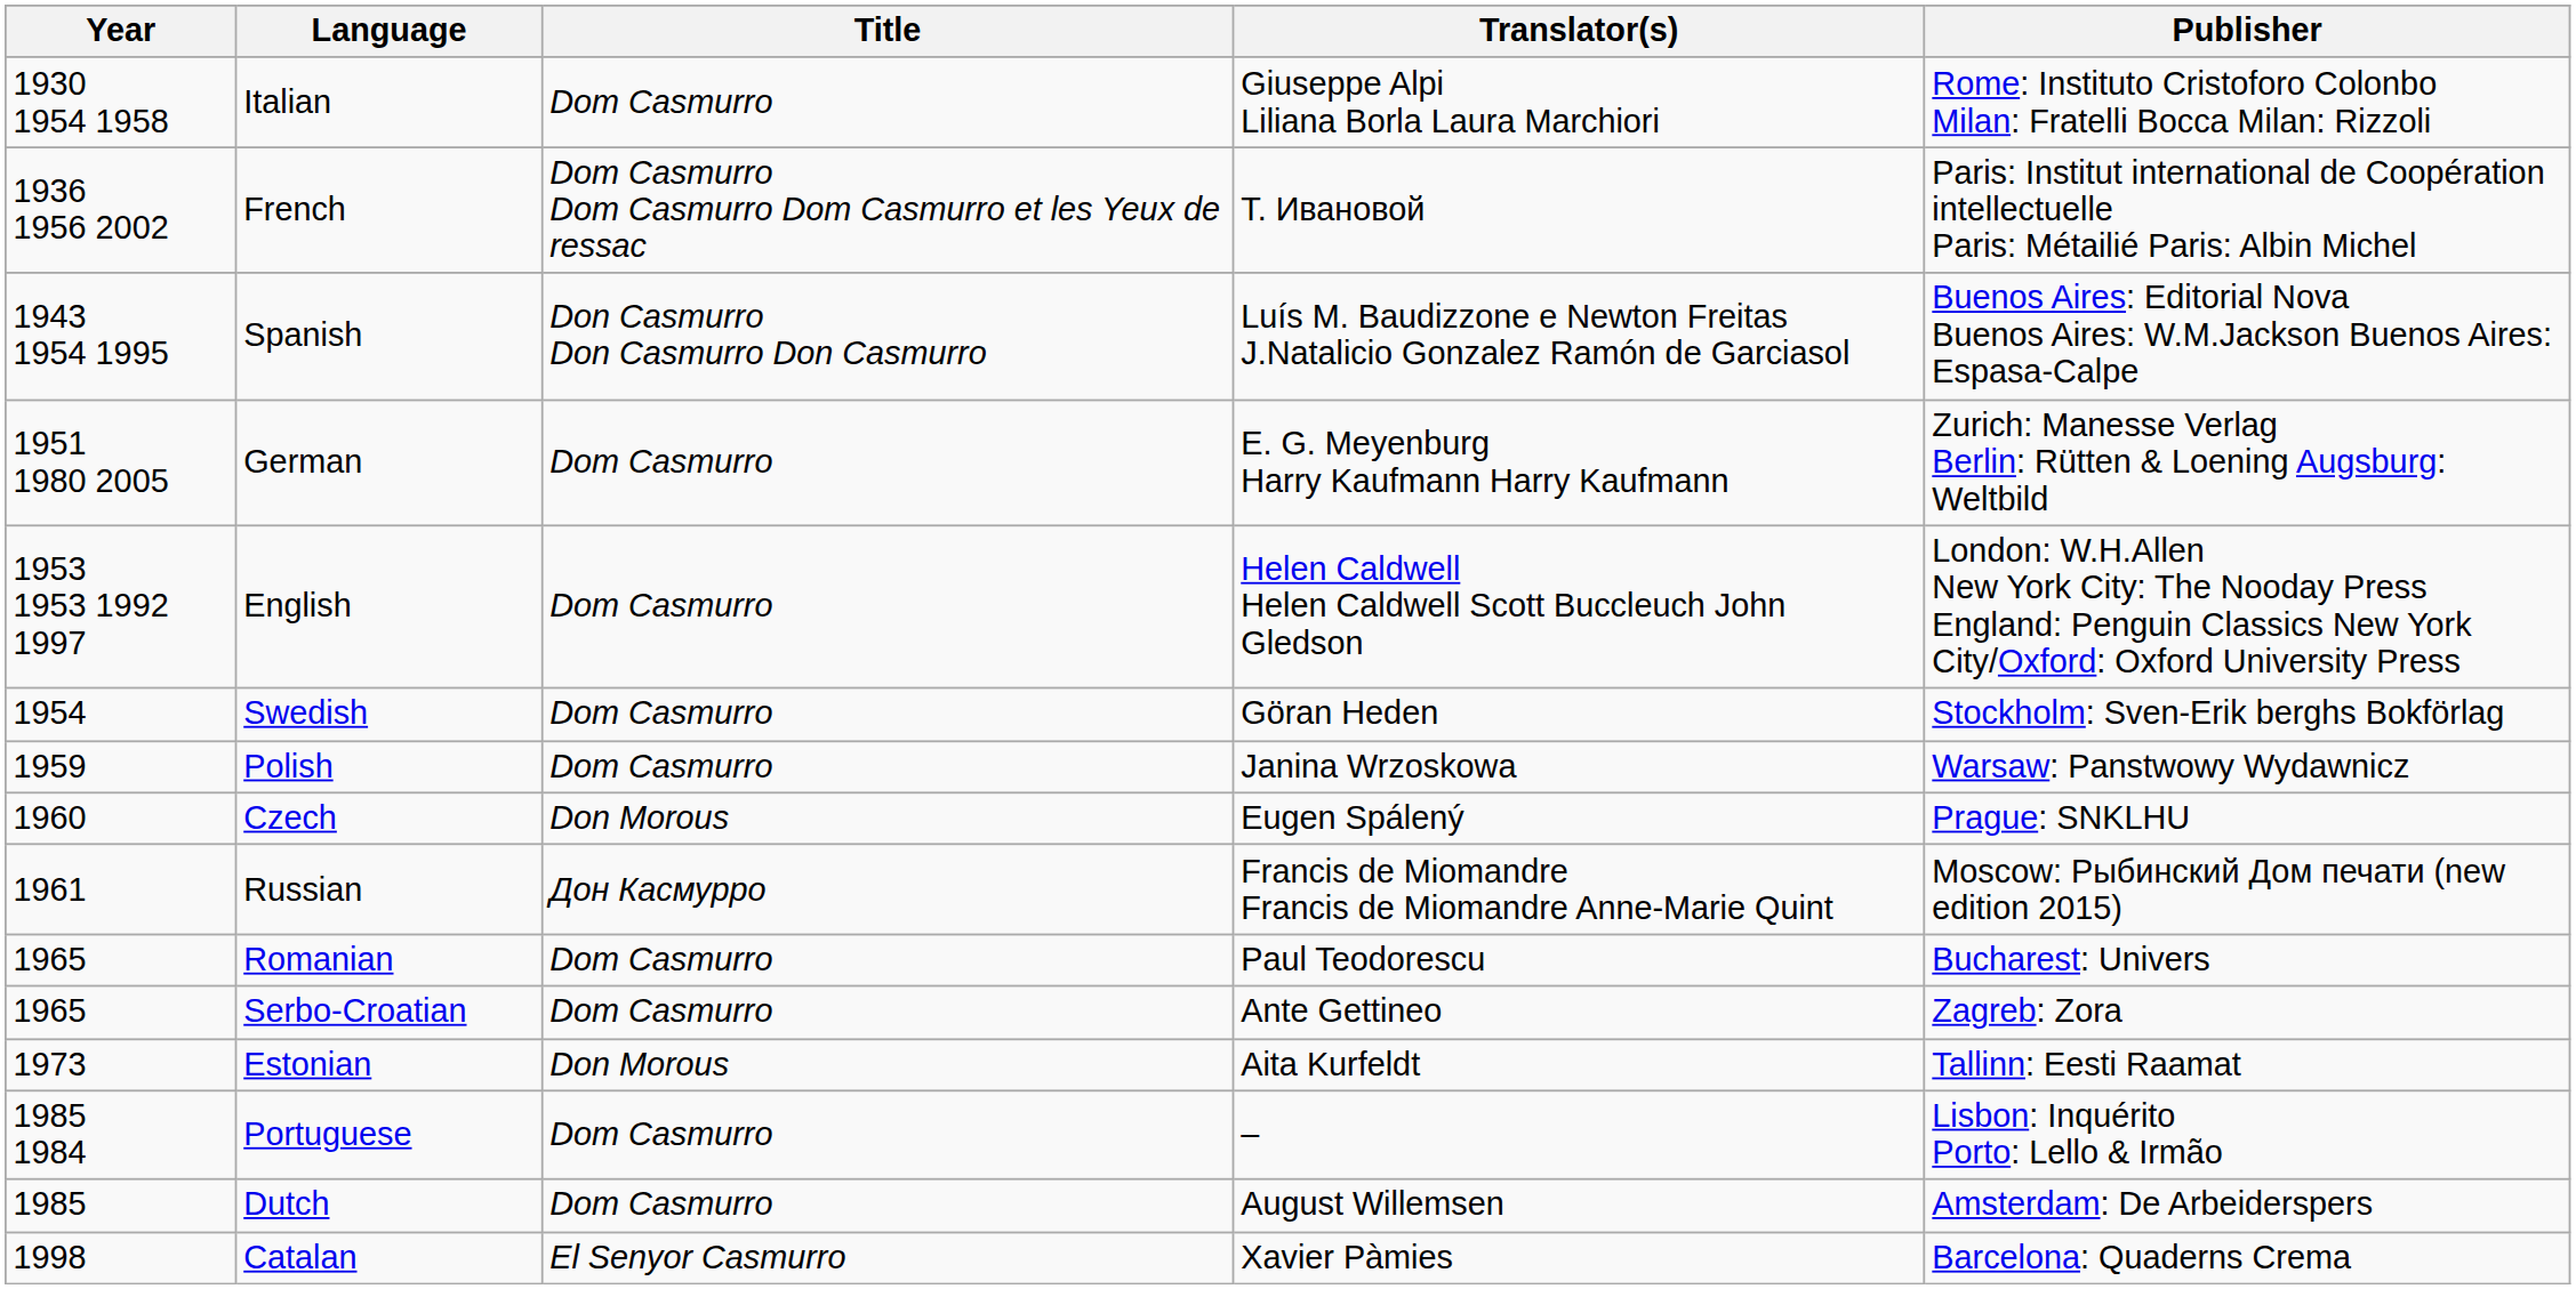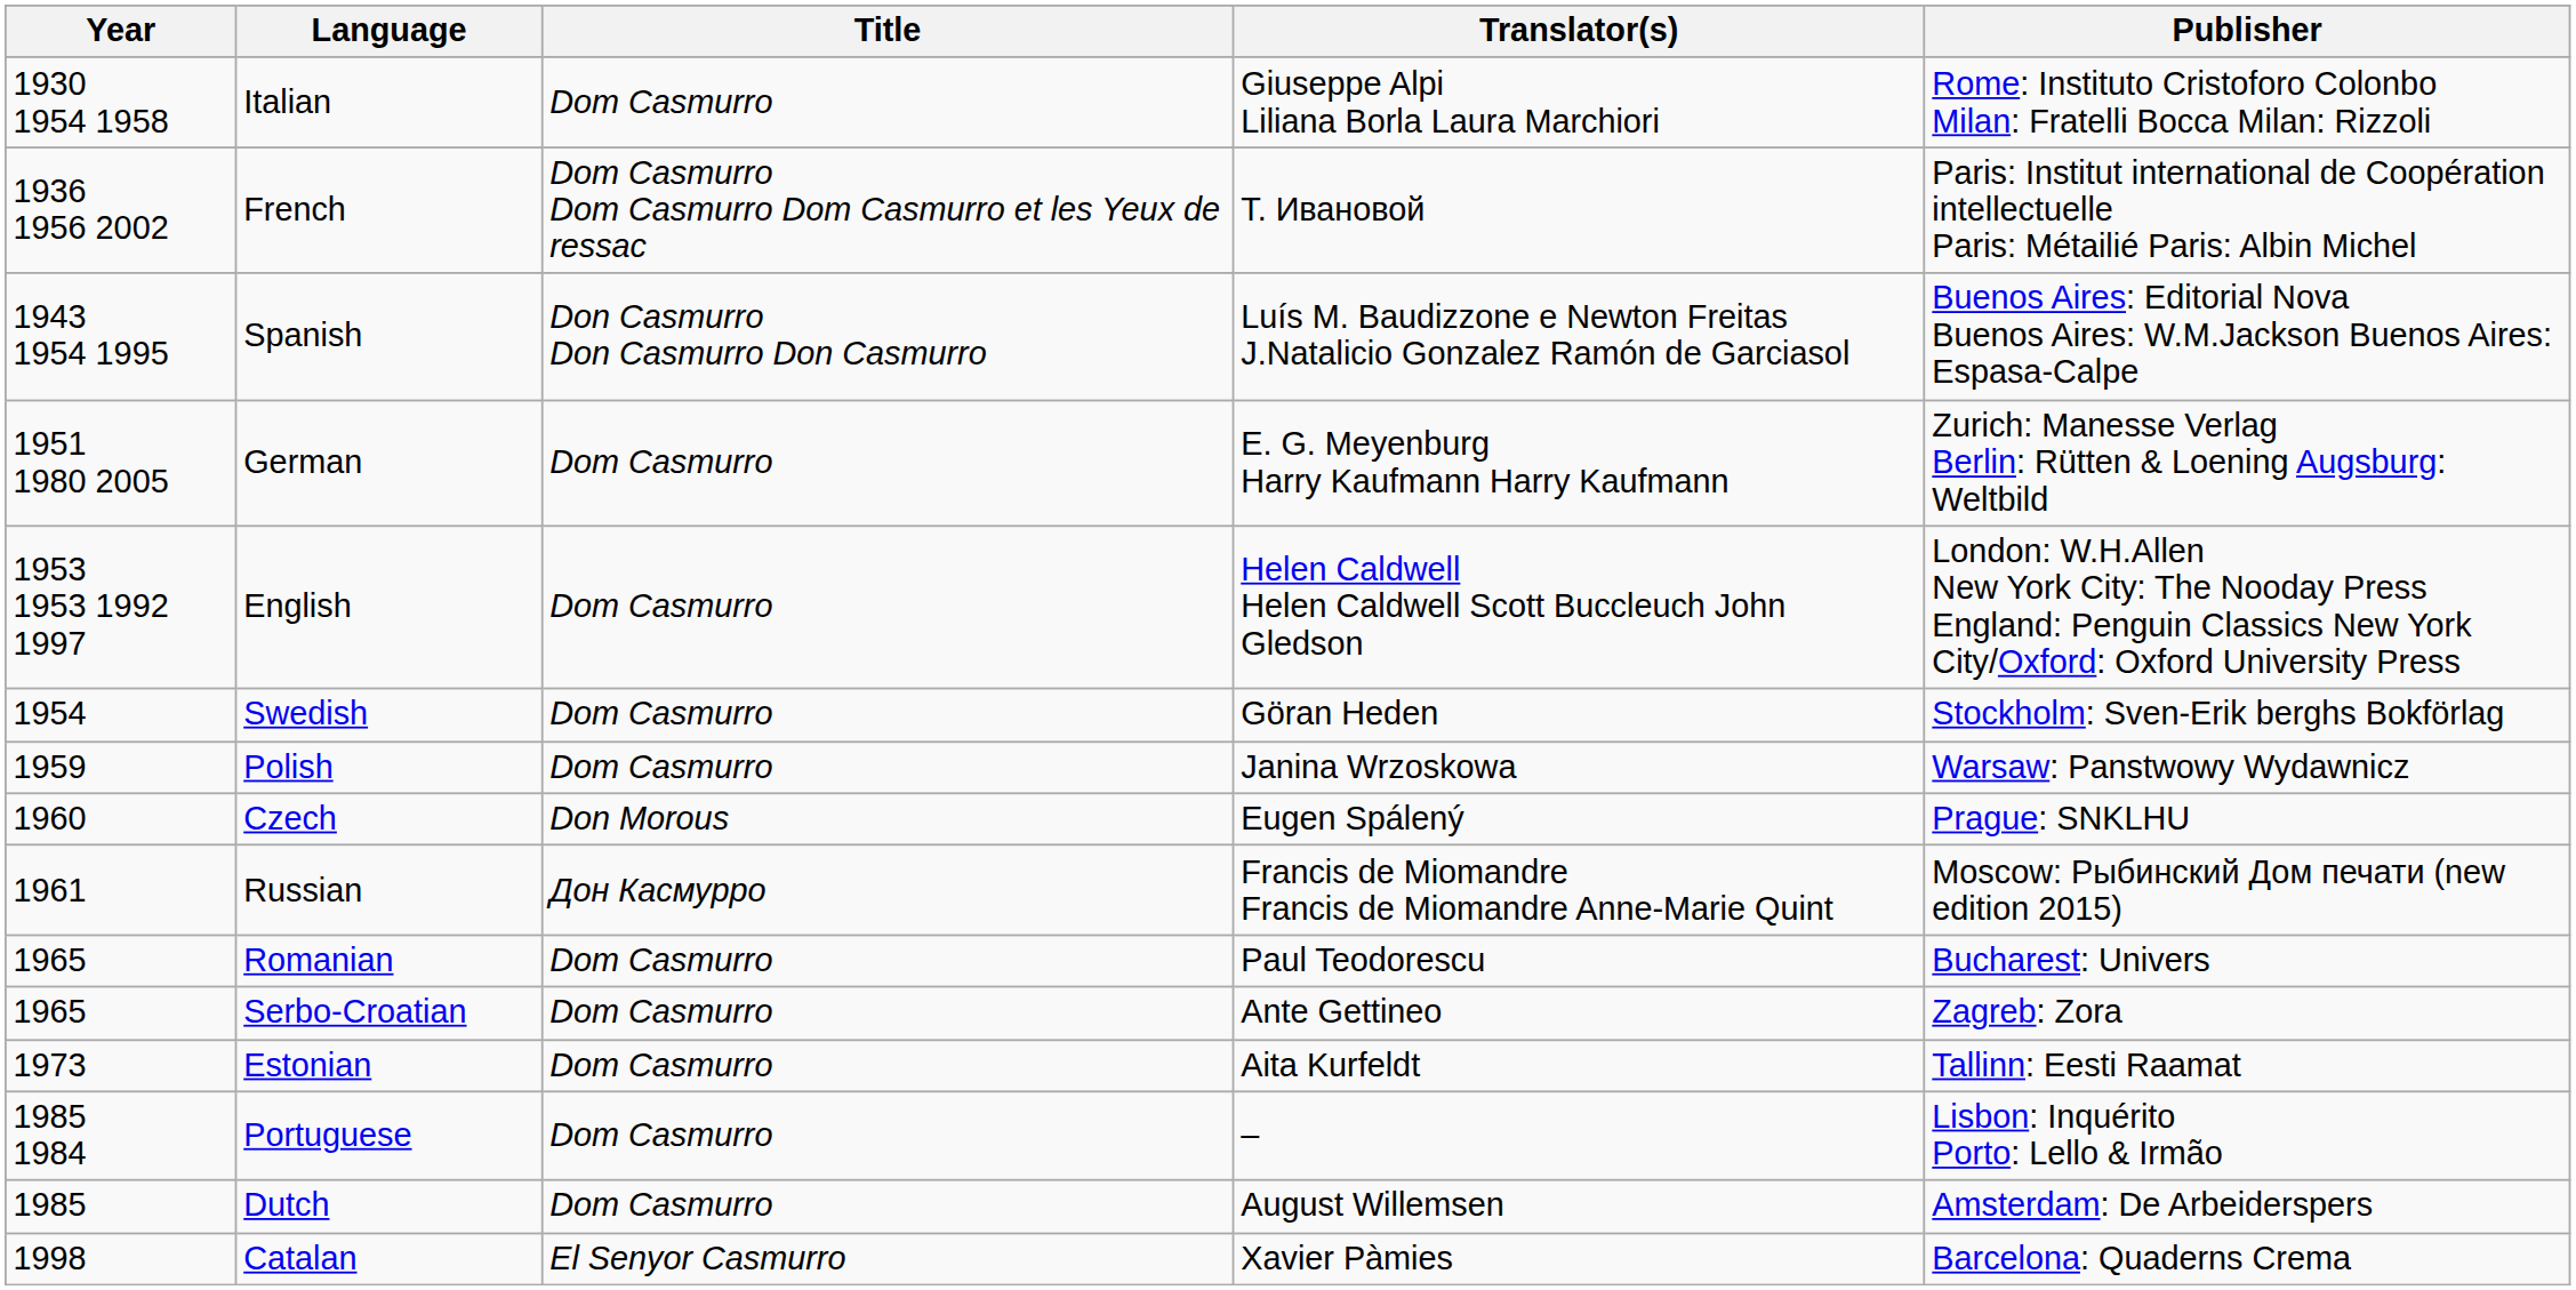 <table class="wikitable">
 <tr>
 <th width="5%">Year</th>
 <th width="6%">Language</th>
 <th width="15%">Title</th>
 <th width="15%">Translator(s)</th>
 <th width="14%">Publisher</th>
 </tr>
 <tr>
 <td>1930<br>1954 1958</td>
 <td>Italian</td>
 <td><em>Dom Casmurro</em></td>
 <td>Giuseppe Alpi<br>Liliana Borla Laura Marchiori</td>
 <td><a href='#'>Rome</a>: Instituto Cristoforo Colonbo<br><a href='#'>Milan</a>: Fratelli Bocca Milan: Rizzoli</td>
 </tr>
 <tr>
 <td>1936<br>1956 2002</td>
 <td>French</td>
 <td><em>Dom Casmurro</em><br><em>Dom Casmurro</em> <em>Dom Casmurro et les Yeux de ressac</em></td>
 <td>Т. Ивановой</td>
 <td>Paris: Institut international de Coopération intellectuelle<br>Paris: Métailié Paris: Albin Michel</td>
 </tr>
 <tr>
 <td>1943<br>1954 1995</td>
 <td>Spanish</td>
 <td><em>Don Casmurro</em><br><em>Don Casmurro</em> <em>Don Casmurro</em></td>
 <td>Luís M. Baudizzone e Newton Freitas<br>J.Natalicio Gonzalez Ramón de Garciasol</td>
 <td><a href='#'>Buenos Aires</a>: Editorial Nova<br>Buenos Aires: W.M.Jackson Buenos Aires: Espasa-Calpe</td>
 </tr>
 <tr>
 <td>1951<br>1980 2005</td>
 <td>German</td>
 <td><em>Dom Casmurro</em></td>
 <td>E. G. Meyenburg<br>Harry Kaufmann Harry Kaufmann</td>
 <td>Zurich: Manesse Verlag<br><a href='#'>Berlin</a>: Rütten & Loening <a href='#'>Augsburg</a>: Weltbild</td>
 </tr>
 <tr>
 <td>1953<br>1953 1992 1997</td>
 <td>English</td>
 <td><em>Dom Casmurro</em></td>
 <td><a href='#'>Helen Caldwell</a><br>Helen Caldwell Scott Buccleuch John Gledson</td>
 <td>London: W.H.Allen<br>New York City: The Nooday Press England: Penguin Classics New York City/<a href='#'>Oxford</a>: Oxford University Press</td>
 </tr>
 <tr>
 <td>1954</td>
 <td><a href='#'>Swedish</a></td>
 <td><em>Dom Casmurro</em></td>
 <td>Göran Heden</td>
 <td><a href='#'>Stockholm</a>: Sven-Erik berghs Bokförlag</td>
 </tr>
 <tr>
 <td>1959</td>
 <td><a href='#'>Polish</a></td>
 <td><em>Dom Casmurro</em></td>
 <td>Janina Wrzoskowa</td>
 <td><a href='#'>Warsaw</a>: Panstwowy Wydawnicz</td>
 </tr>
 <tr>
 <td>1960</td>
 <td><a href='#'>Czech</a></td>
 <td><em>Don Morous</em></td>
 <td>Eugen Spálený</td>
 <td><a href='#'>Prague</a>: SNKLHU</td>
 </tr>
 <tr>
 <td>1961</td>
 <td>Russian</td>
 <td><em>Дон Касмурро</em></td>
 <td>Francis de Miomandre<br>Francis de Miomandre Anne-Marie Quint</td>
 <td>Moscow: Рыбинский Дом печати (new edition 2015)</td>
 </tr>
 <tr>
 <td>1965</td>
 <td><a href='#'>Romanian</a></td>
 <td><em>Dom Casmurro</em></td>
 <td>Paul Teodorescu</td>
 <td><a href='#'>Bucharest</a>: Univers</td>
 </tr>
 <tr>
 <td>1965</td>
 <td><a href='#'>Serbo-Croatian</a></td>
 <td><em>Dom Casmurro</em></td>
 <td>Ante Gettineo</td>
 <td><a href='#'>Zagreb</a>: Zora</td>
 </tr>
 <tr>
 <td>1973</td>
 <td><a href='#'>Estonian</a></td>
-<td><em>Don Morous</em></td>
+<td><em>Dom Casmurro</em></td>
 <td>Aita Kurfeldt</td>
 <td><a href='#'>Tallinn</a>: Eesti Raamat</td>
 </tr>
 <tr>
 <td>1985<br>1984</td>
 <td><a href='#'>Portuguese</a></td>
 <td><em>Dom Casmurro</em></td>
 <td>–</td>
 <td><a href='#'>Lisbon</a>: Inquérito<br><a href='#'>Porto</a>: Lello & Irmão</td>
 </tr>
 <tr>
 <td>1985</td>
 <td><a href='#'>Dutch</a></td>
 <td><em>Dom Casmurro</em></td>
 <td>August Willemsen</td>
 <td><a href='#'>Amsterdam</a>: De Arbeiderspers</td>
 </tr>
 <tr>
 <td>1998</td>
 <td><a href='#'>Catalan</a></td>
 <td><em>El Senyor Casmurro</em></td>
 <td>Xavier Pàmies</td>
 <td><a href='#'>Barcelona</a>: Quaderns Crema</td>
 </tr>
 </table>
